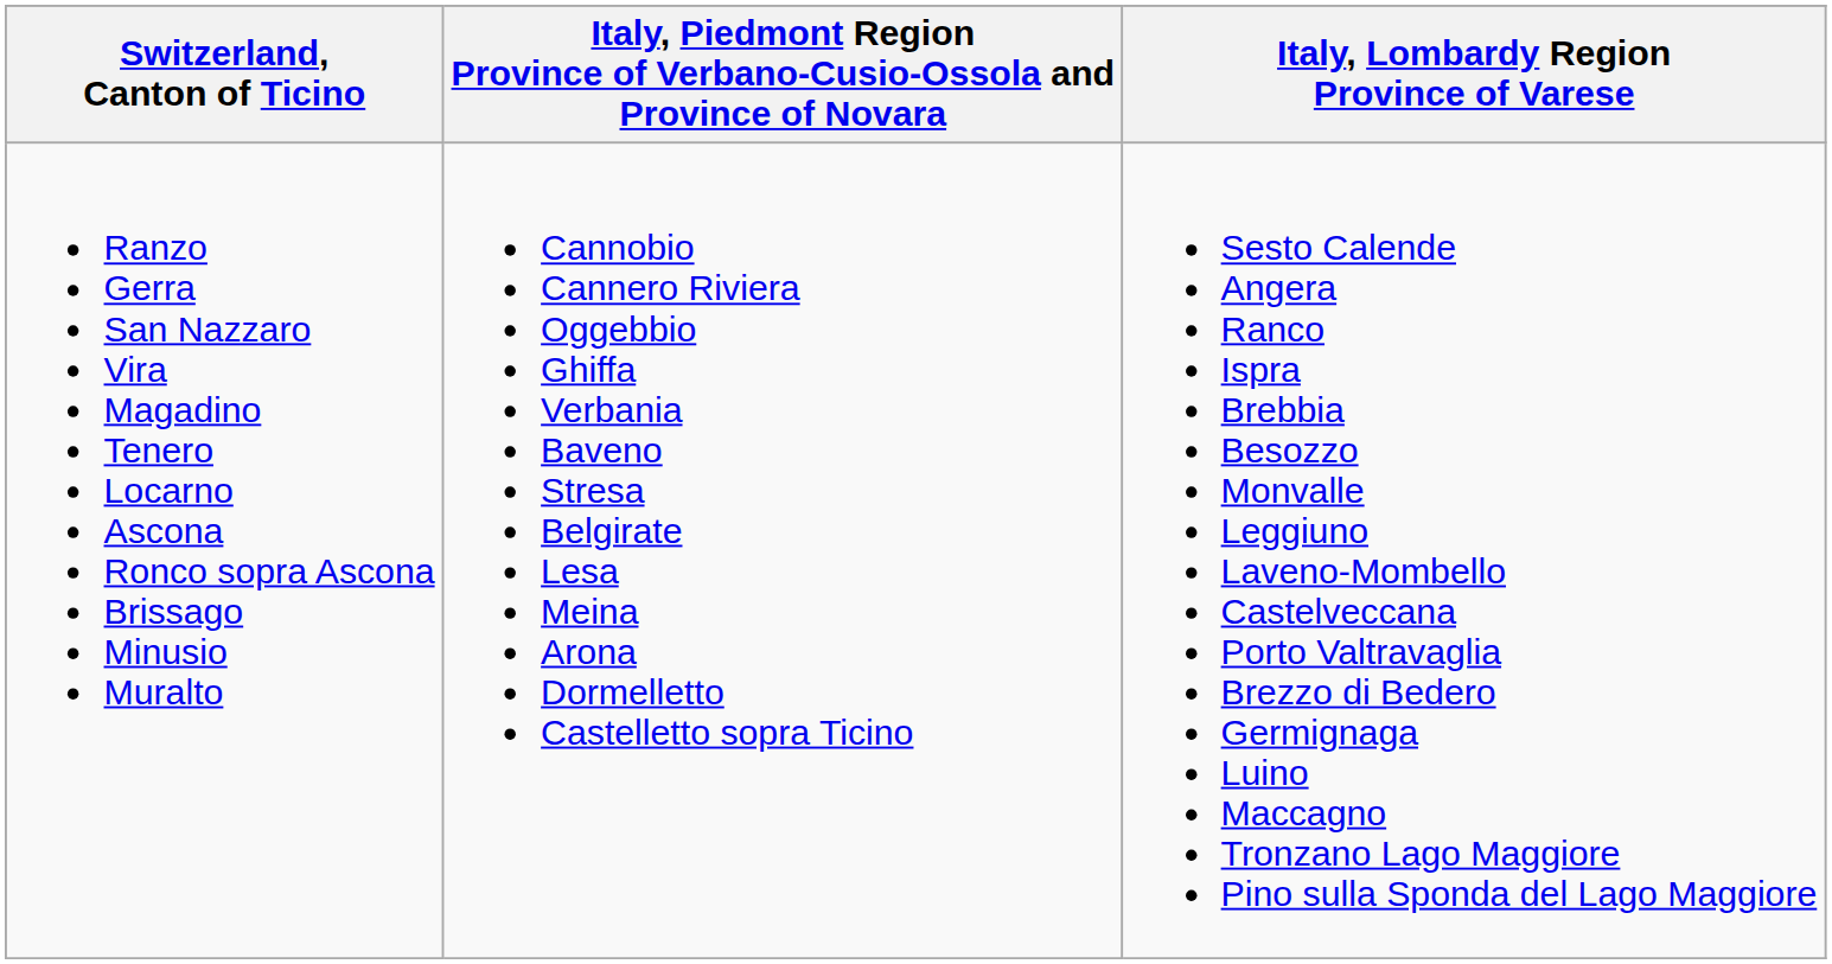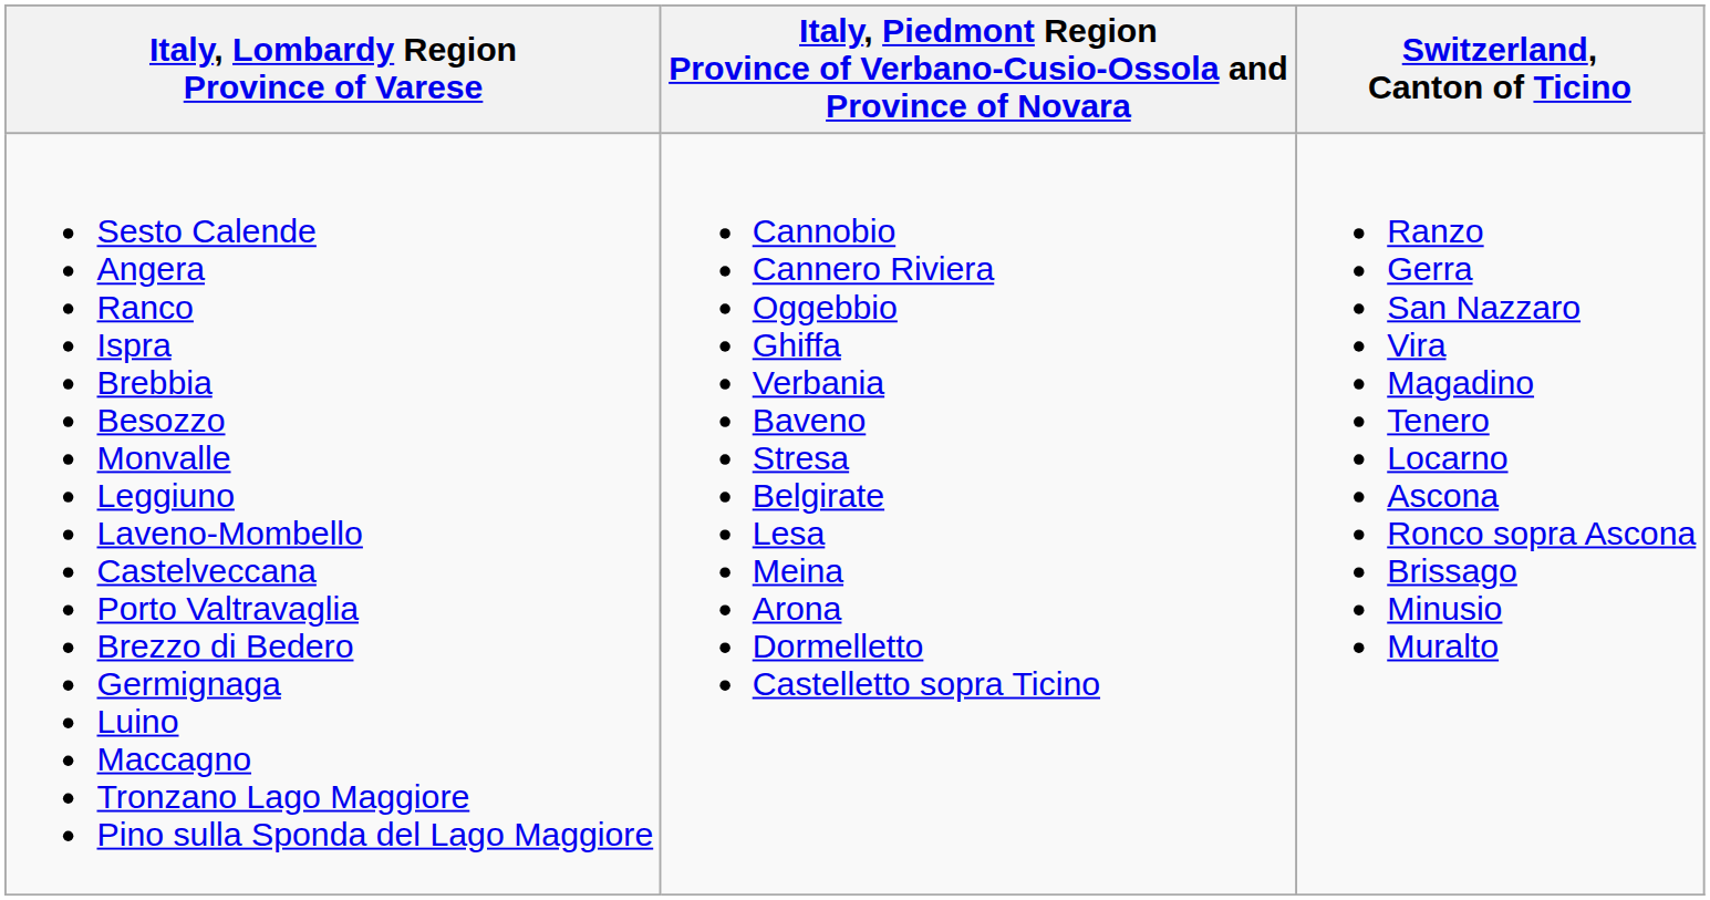 <table class="wikitable">
 <tr>
+<th><a href='#'>Italy</a>, <a href='#'>Lombardy</a> Region<br><a href='#'>Province of Varese</a></th>
+<th><a href='#'>Italy</a>, <a href='#'>Piedmont</a> Region<br><a href='#'>Province of Verbano-Cusio-Ossola</a> and <br><a href='#'>Province of Novara</a></th>
 <th><a href='#'>Switzerland</a>, <br>Canton of <a href='#'>Ticino</a></th>
-<th><a href='#'>Italy</a>, <a href='#'>Piedmont</a> Region<br><a href='#'>Province of Verbano-Cusio-Ossola</a> and <br><a href='#'>Province of Novara</a></th>
-<th><a href='#'>Italy</a>, <a href='#'>Lombardy</a> Region<br><a href='#'>Province of Varese</a></th>
 </tr>
 <tr>
+<td valign="top"><br><ul><li><a href='#'>Sesto Calende</a></li><li><a href='#'>Angera</a></li><li><a href='#'>Ranco</a></li><li><a href='#'>Ispra</a></li><li><a href='#'>Brebbia</a></li><li><a href='#'>Besozzo</a></li><li><a href='#'>Monvalle</a></li><li><a href='#'>Leggiuno</a></li><li><a href='#'>Laveno-Mombello</a></li><li><a href='#'>Castelveccana</a></li><li><a href='#'>Porto Valtravaglia</a></li><li><a href='#'>Brezzo di Bedero</a></li><li><a href='#'>Germignaga</a></li><li><a href='#'>Luino</a></li><li><a href='#'>Maccagno</a></li><li><a href='#'>Tronzano Lago Maggiore</a></li><li><a href='#'>Pino sulla Sponda del Lago Maggiore</a></li></ul></td>
+<td valign="top"><br><ul><li><a href='#'>Cannobio</a></li><li><a href='#'>Cannero Riviera</a></li><li><a href='#'>Oggebbio</a></li><li><a href='#'>Ghiffa</a></li><li><a href='#'>Verbania</a></li><li><a href='#'>Baveno</a></li><li><a href='#'>Stresa</a></li><li><a href='#'>Belgirate</a></li><li><a href='#'>Lesa</a></li><li><a href='#'>Meina</a></li><li><a href='#'>Arona</a></li><li><a href='#'>Dormelletto</a></li><li><a href='#'>Castelletto sopra Ticino</a></li></ul></td>
 <td valign="top"><br><ul><li><a href='#'>Ranzo</a></li><li><a href='#'>Gerra</a></li><li><a href='#'>San Nazzaro</a></li><li><a href='#'>Vira</a></li><li><a href='#'>Magadino</a></li><li><a href='#'>Tenero</a></li><li><a href='#'>Locarno</a></li><li><a href='#'>Ascona</a></li><li><a href='#'>Ronco sopra Ascona</a></li><li><a href='#'>Brissago</a></li><li><a href='#'>Minusio</a></li><li><a href='#'>Muralto</a></li></ul></td>
-<td valign="top"><br><ul><li><a href='#'>Cannobio</a></li><li><a href='#'>Cannero Riviera</a></li><li><a href='#'>Oggebbio</a></li><li><a href='#'>Ghiffa</a></li><li><a href='#'>Verbania</a></li><li><a href='#'>Baveno</a></li><li><a href='#'>Stresa</a></li><li><a href='#'>Belgirate</a></li><li><a href='#'>Lesa</a></li><li><a href='#'>Meina</a></li><li><a href='#'>Arona</a></li><li><a href='#'>Dormelletto</a></li><li><a href='#'>Castelletto sopra Ticino</a></li></ul></td>
-<td valign="top"><br><ul><li><a href='#'>Sesto Calende</a></li><li><a href='#'>Angera</a></li><li><a href='#'>Ranco</a></li><li><a href='#'>Ispra</a></li><li><a href='#'>Brebbia</a></li><li><a href='#'>Besozzo</a></li><li><a href='#'>Monvalle</a></li><li><a href='#'>Leggiuno</a></li><li><a href='#'>Laveno-Mombello</a></li><li><a href='#'>Castelveccana</a></li><li><a href='#'>Porto Valtravaglia</a></li><li><a href='#'>Brezzo di Bedero</a></li><li><a href='#'>Germignaga</a></li><li><a href='#'>Luino</a></li><li><a href='#'>Maccagno</a></li><li><a href='#'>Tronzano Lago Maggiore</a></li><li><a href='#'>Pino sulla Sponda del Lago Maggiore</a></li></ul></td>
 </tr>
 </table>
